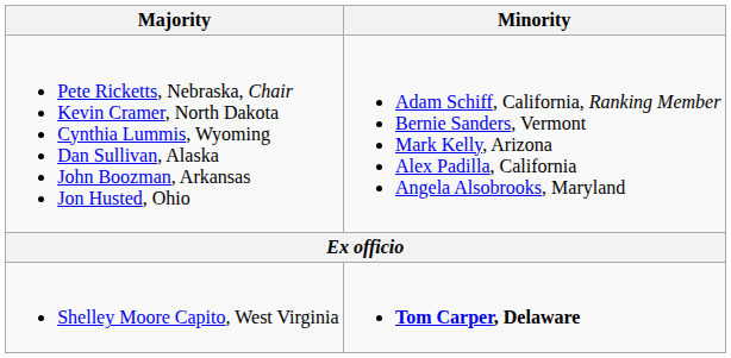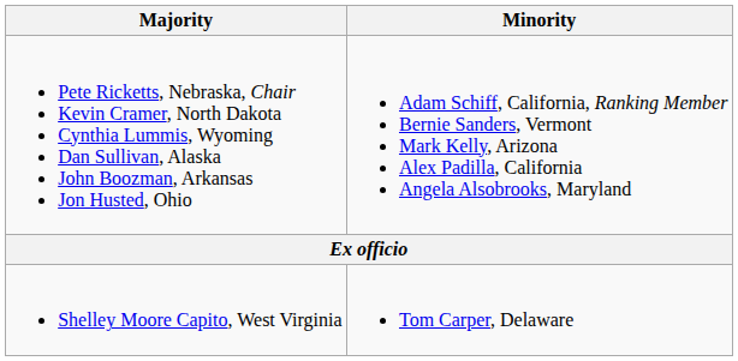 <table class=wikitable>
 <tr>
 <th>Majority</th>
 <th>Minority</th>
 </tr>
 <tr>
 <td><br><ul><li><a href='#'>Pete Ricketts</a>, Nebraska, <em>Chair</em></li><li><a href='#'>Kevin Cramer</a>, North Dakota</li><li><a href='#'>Cynthia Lummis</a>, Wyoming</li><li><a href='#'>Dan Sullivan</a>, Alaska</li><li><a href='#'>John Boozman</a>, Arkansas</li><li><a href='#'>Jon Husted</a>, Ohio</li></ul></td>
 <td><br><ul><li><a href='#'>Adam Schiff</a>, California, <em>Ranking Member</em></li><li><span><a href='#'>Bernie Sanders</a>, Vermont</span></li><li><a href='#'>Mark Kelly</a>, Arizona</li><li><a href='#'>Alex Padilla</a>, California</li><li><a href='#'>Angela Alsobrooks</a>, Maryland</li></ul></td>
 </tr>
 <tr>
 <th colspan=2><em>Ex officio</em></th>
 </tr>
 <tr>
 <td><br><ul><li><a href='#'>Shelley Moore Capito</a>, West Virginia</li></ul></td>
-<td><strong><br><ul><li><a href='#'>Tom Carper</a>, Delaware</li></ul></strong></td>
+<td><br><ul><li><a href='#'>Tom Carper</a>, Delaware</li></ul></td>
 </tr>
 </table>
